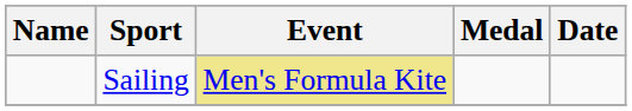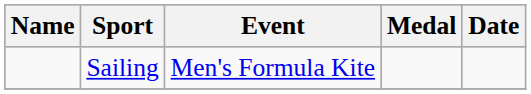 <table class="wikitable sortable"  style="font-size:95%">
 <tr>
 <th>Name</th>
 <th>Sport</th>
 <th>Event</th>
 <th>Medal</th>
 <th>Date</th>
 </tr>
 <tr>
 <td></td>
 <td><a href='#'>Sailing</a></td>
-<td style="background: khaki;"><a href='#'>Men's Formula Kite</a></td>
+<td><a href='#'>Men's Formula Kite</a></td>
 <td></td>
 <td></td>
 </tr>
 <tr>
 </tr>
 </table>
